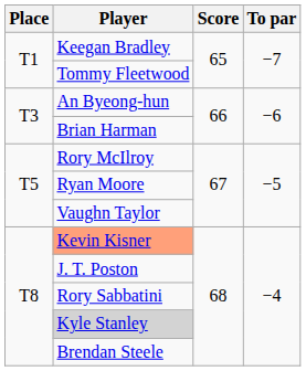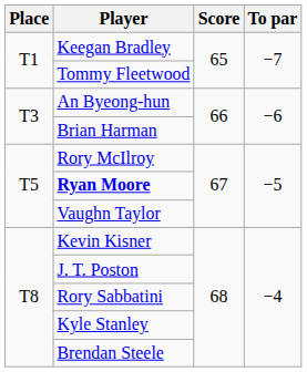 <table class="wikitable">
 <tr>
 <th>Place</th>
 <th>Player</th>
 <th>Score</th>
 <th>To par</th>
 </tr>
 <tr>
 <td rowspan=2 align=center>T1</td>
 <td> <a href='#'>Keegan Bradley</a></td>
 <td rowspan=2 align=center>65</td>
 <td rowspan=2 align=center>−7</td>
 </tr>
 <tr>
 <td> <a href='#'>Tommy Fleetwood</a></td>
 </tr>
 <tr>
 <td rowspan=2 align=center>T3</td>
 <td> <a href='#'>An Byeong-hun</a></td>
 <td rowspan=2 align=center>66</td>
 <td rowspan=2 align=center>−6</td>
 </tr>
 <tr>
 <td> <a href='#'>Brian Harman</a></td>
 </tr>
 <tr>
 <td rowspan=3 align=center>T5</td>
 <td> <a href='#'>Rory McIlroy</a></td>
 <td rowspan=3 align=center>67</td>
 <td rowspan=3 align=center>−5</td>
 </tr>
 <tr>
-<td> <a href='#'>Ryan Moore</a></td>
+<td><strong> <a href='#'>Ryan Moore</a></strong></td>
 </tr>
 <tr>
 <td> <a href='#'>Vaughn Taylor</a></td>
 </tr>
 <tr>
 <td rowspan=5 align=center>T8</td>
-<td style="background: lightsalmon;"> <a href='#'>Kevin Kisner</a></td>
+<td> <a href='#'>Kevin Kisner</a></td>
 <td rowspan=5 align=center>68</td>
 <td rowspan=5 align=center>−4</td>
 </tr>
 <tr>
 <td> <a href='#'>J. T. Poston</a></td>
 </tr>
 <tr>
 <td> <a href='#'>Rory Sabbatini</a></td>
 </tr>
 <tr>
-<td style="background: lightgrey;"> <a href='#'>Kyle Stanley</a></td>
+<td> <a href='#'>Kyle Stanley</a></td>
 </tr>
 <tr>
 <td> <a href='#'>Brendan Steele</a></td>
 </tr>
 </table>
